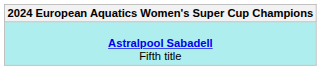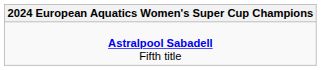 <table class=wikitable style="text-align:center; margin:auto">
 <tr>
 <th>2024 European Aquatics Women's Super Cup Champions</th>
 </tr>
 <tr>
-<td style="background: paleturquoise;"> <br><strong><a href='#'>Astralpool Sabadell</a></strong><br>Fifth title</td>
+<td> <br><strong><a href='#'>Astralpool Sabadell</a></strong><br>Fifth title</td>
 </tr>
 </table>
